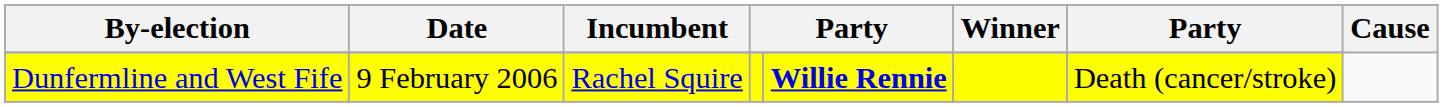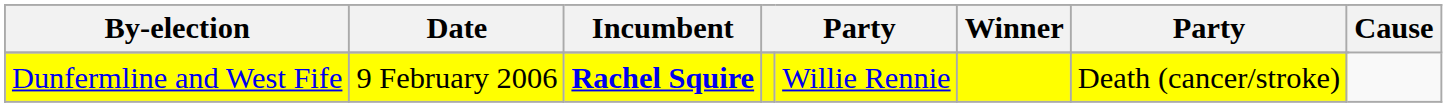 <table class="wikitable">
 <tr>
 <th>By-election</th>
 <th>Date</th>
 <th>Incumbent</th>
 <th colspan=2>Party</th>
 <th>Winner</th>
 <th colspan=2>Party</th>
 <th>Cause</th>
 </tr>
 <tr>
 </tr>
 <tr bgcolor=yellow>
 <td><a href='#'>Dunfermline and West Fife</a></td>
 <td>9 February 2006</td>
-<td><a href='#'>Rachel Squire</a></td>
+<td><strong><a href='#'>Rachel Squire</a></strong></td>
 <td></td>
-<td><strong><a href='#'>Willie Rennie</a></strong></td>
+<td><a href='#'>Willie Rennie</a></td>
 <td></td>
 <td>Death (cancer/stroke)</td>
 </tr>
 </table>
